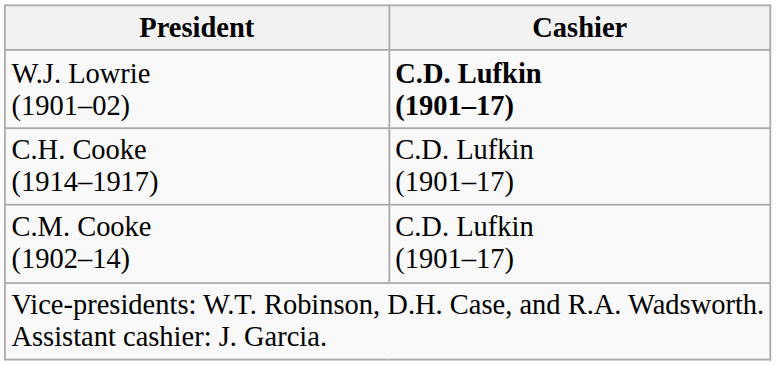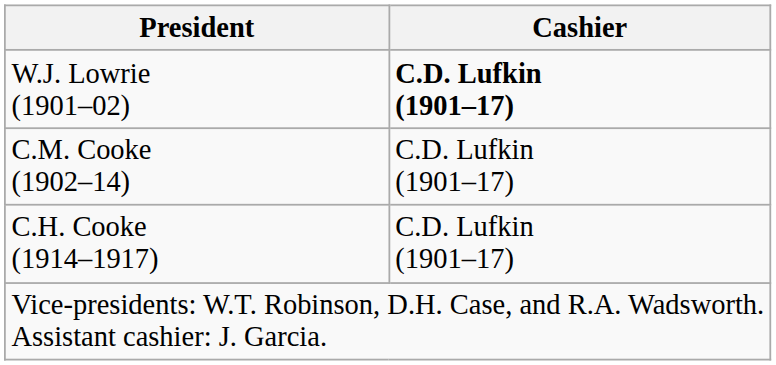 <table class="wikitable" style="display:inline-table;">
 <tr>
 <th scope="col">President</th>
 <th scope="col">Cashier</th>
 </tr>
 <tr>
 <td scope="row">W.J. Lowrie<br>(1901–02)</td>
 <td><strong>C.D. Lufkin<br>(1901–17)</strong></td>
 </tr>
 <tr>
-<td scope="row">C.H. Cooke<br>(1914–1917)</td>
+<td scope="row">C.M. Cooke<br>(1902–14)</td>
 <td>C.D. Lufkin<br>(1901–17)</td>
 </tr>
 <tr>
-<td scope="row">C.M. Cooke<br>(1902–14)</td>
+<td scope="row">C.H. Cooke<br>(1914–1917)</td>
 <td>C.D. Lufkin<br>(1901–17)</td>
 </tr>
 <tr>
 <td colspan="2">Vice-presidents: W.T. Robinson, D.H. Case, and R.A. Wadsworth. <br>Assistant cashier: J. Garcia.</td>
 </tr>
 </table>
